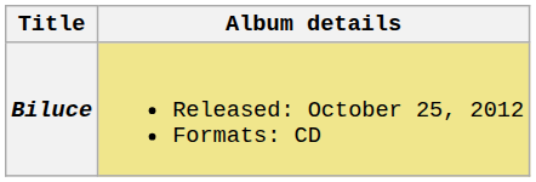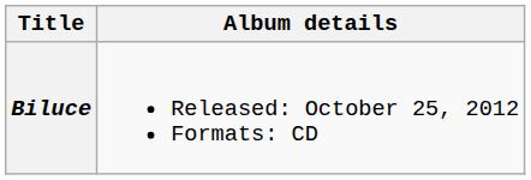 <table class="wikitable plainrowheaders">
 <tr>
 <th>Title</th>
 <th>Album details</th>
 </tr>
 <tr>
 <th scope="row"><em>Biluce</em></th>
-<td style="background: khaki;"><br><ul><li>Released: October 25, 2012</li><li>Formats: CD</li></ul></td>
+<td><br><ul><li>Released: October 25, 2012</li><li>Formats: CD</li></ul></td>
 </tr>
 </table>
